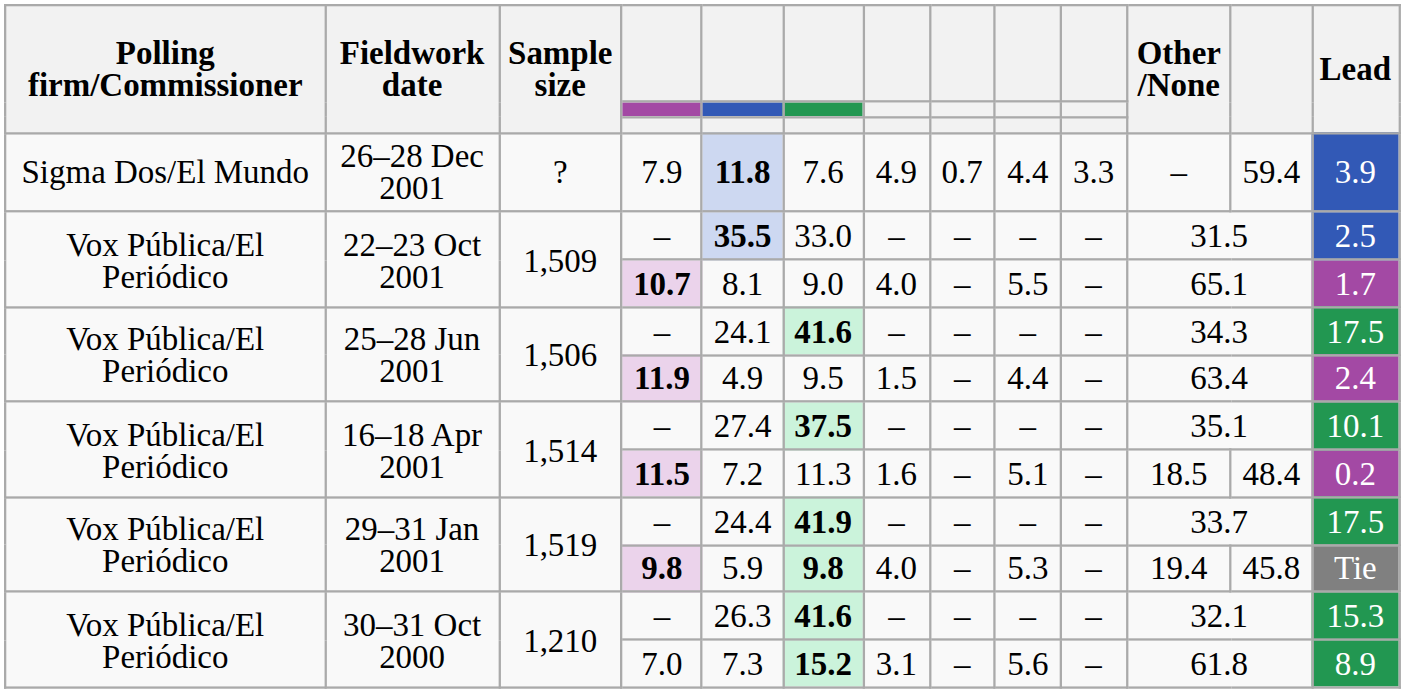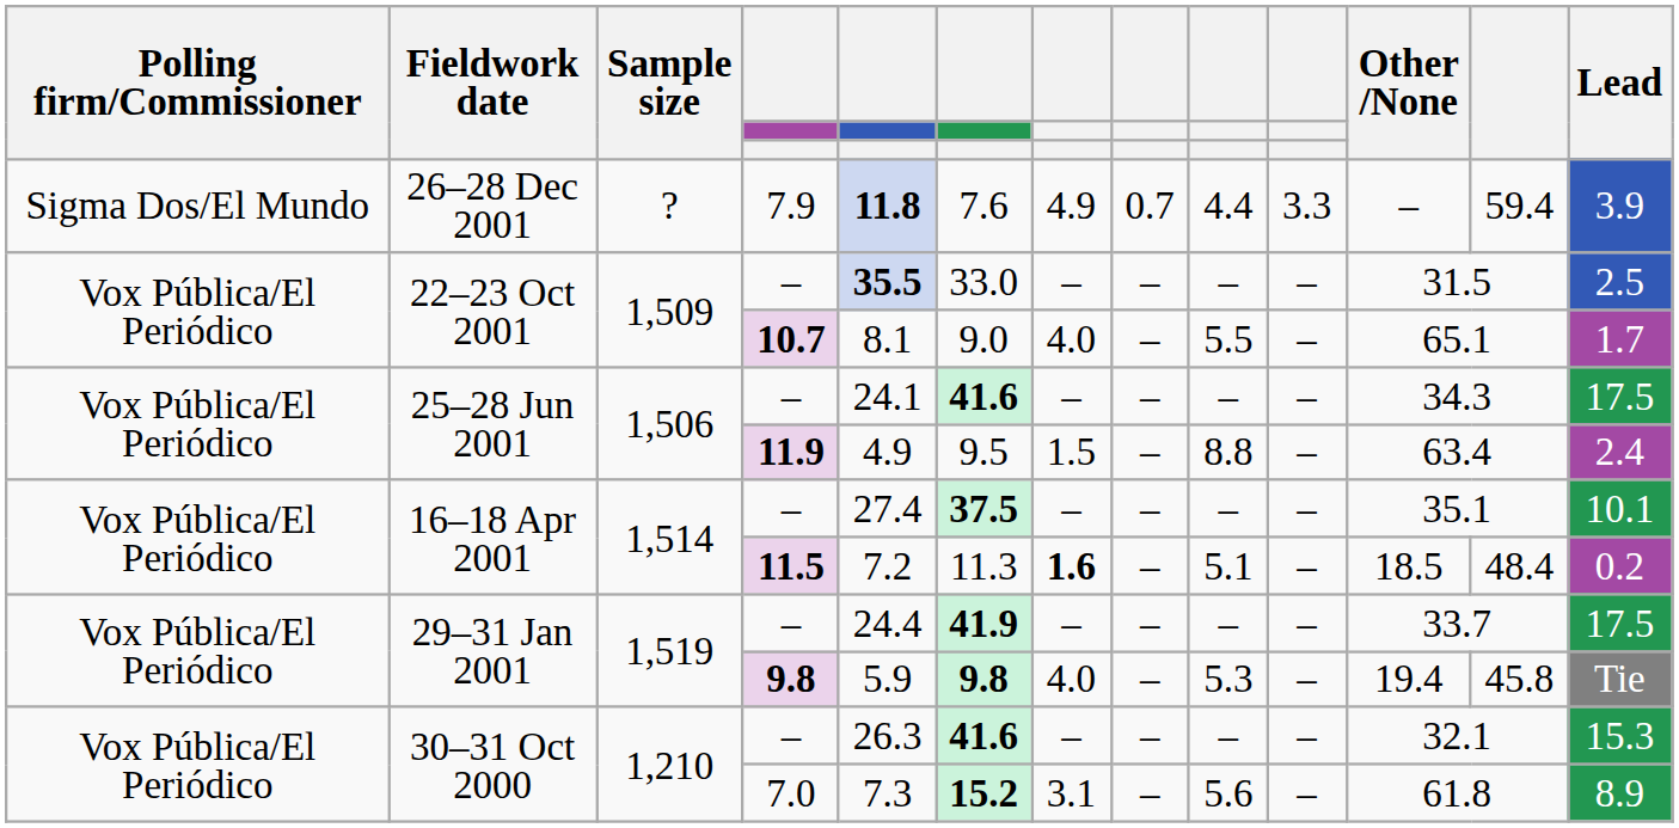 <table class="wikitable collapsible collapsed" style="text-align:center; font-size:90%; line-height:14px;">
 <tr style="height:42px;">
 <th style="width:260px;" rowspan="3">Polling firm/Commissioner</th>
 <th style="width:125px;" rowspan="3">Fieldwork date</th>
 <th style="width:60px;" rowspan="3">Sample size</th>
 <th style="width:60px;"></th>
 <th style="width:60px;"></th>
 <th style="width:60px;"></th>
 <th style="width:60px;"></th>
 <th style="width:60px;"></th>
 <th style="width:60px;"></th>
 <th style="width:60px;"></th>
 <th style="width:60px;" rowspan="3">Other<br>/None</th>
 <th style="width:60px;" rowspan="3"></th>
 <th style="width:30px;" rowspan="3">Lead</th>
 </tr>
 <tr>
 <th style="color:inherit;background:#A349A4;"></th>
 <th style="color:inherit;background:#3259B6;"></th>
 <th style="color:inherit;background:#229751;"></th>
 <th style="color:inherit;background:"></th>
 <th style="color:inherit;background:"></th>
 <th style="color:inherit;background:"></th>
 <th style="color:inherit;background:"></th>
 </tr>
 <tr>
 <th></th>
 <th></th>
 <th></th>
 <th></th>
 <th></th>
 <th></th>
 <th></th>
 </tr>
 <tr>
 <td>Sigma Dos/El Mundo</td>
 <td>26–28 Dec 2001</td>
 <td>?</td>
 <td>7.9</td>
 <td style="color:inherit;background:#CDD8F1;"><strong>11.8</strong></td>
 <td>7.6</td>
 <td>4.9</td>
 <td>0.7</td>
 <td>4.4</td>
 <td>3.3</td>
 <td>–</td>
 <td>59.4</td>
 <td style="color:inherit;background:#3259B6; color:white;">3.9</td>
 </tr>
 <tr>
 <td rowspan="2">Vox Pública/El Periódico</td>
 <td rowspan="2">22–23 Oct 2001</td>
 <td rowspan="2">1,509</td>
 <td>–</td>
 <td style="color:inherit;background:#CDD8F1;"><strong>35.5</strong></td>
 <td>33.0</td>
 <td>–</td>
 <td>–</td>
 <td>–</td>
 <td>–</td>
 <td colspan="2">31.5</td>
 <td style="color:inherit;background:#3259B6; color:white;">2.5</td>
 </tr>
 <tr>
 <td style="color:inherit;background:#EBD3EB;"><strong>10.7</strong></td>
 <td>8.1</td>
 <td>9.0</td>
 <td>4.0</td>
 <td>–</td>
 <td>5.5</td>
 <td>–</td>
 <td colspan="2">65.1</td>
 <td style="color:inherit;background:#A349A4; color:white;">1.7</td>
 </tr>
 <tr>
 <td rowspan="2">Vox Pública/El Periódico</td>
 <td rowspan="2">25–28 Jun 2001</td>
 <td rowspan="2">1,506</td>
 <td>–</td>
 <td>24.1</td>
 <td style="color:inherit;background:#CBF3DB;"><strong>41.6</strong></td>
 <td>–</td>
 <td>–</td>
 <td>–</td>
 <td>–</td>
 <td colspan="2">34.3</td>
 <td style="color:inherit;background:#229751; color:white;">17.5</td>
 </tr>
 <tr>
 <td style="color:inherit;background:#EBD3EB;"><strong>11.9</strong></td>
 <td>4.9</td>
 <td>9.5</td>
 <td>1.5</td>
 <td>–</td>
-<td>4.4</td>
+<td>8.8</td>
 <td>–</td>
 <td colspan="2">63.4</td>
 <td style="color:inherit;background:#A349A4; color:white;">2.4</td>
 </tr>
 <tr>
 <td rowspan="2">Vox Pública/El Periódico</td>
 <td rowspan="2">16–18 Apr 2001</td>
 <td rowspan="2">1,514</td>
 <td>–</td>
 <td>27.4</td>
 <td style="color:inherit;background:#CBF3DB;"><strong>37.5</strong></td>
 <td>–</td>
 <td>–</td>
 <td>–</td>
 <td>–</td>
 <td colspan="2">35.1</td>
 <td style="color:inherit;background:#229751; color:white;">10.1</td>
 </tr>
 <tr>
 <td style="color:inherit;background:#EBD3EB;"><strong>11.5</strong></td>
 <td>7.2</td>
 <td>11.3</td>
-<td>1.6</td>
+<td><strong>1.6</strong></td>
 <td>–</td>
 <td>5.1</td>
 <td>–</td>
 <td>18.5</td>
 <td>48.4</td>
 <td style="color:inherit;background:#A349A4; color:white;">0.2</td>
 </tr>
 <tr>
 <td rowspan="2">Vox Pública/El Periódico</td>
 <td rowspan="2">29–31 Jan 2001</td>
 <td rowspan="2">1,519</td>
 <td>–</td>
 <td>24.4</td>
 <td style="color:inherit;background:#CBF3DB;"><strong>41.9</strong></td>
 <td>–</td>
 <td>–</td>
 <td>–</td>
 <td>–</td>
 <td colspan="2">33.7</td>
 <td style="color:inherit;background:#229751; color:white;">17.5</td>
 </tr>
 <tr>
 <td style="color:inherit;background:#EBD3EB;"><strong>9.8</strong></td>
 <td>5.9</td>
 <td style="color:inherit;background:#CBF3DB;"><strong>9.8</strong></td>
 <td>4.0</td>
 <td>–</td>
 <td>5.3</td>
 <td>–</td>
 <td>19.4</td>
 <td>45.8</td>
 <td style="color:inherit;background:gray; color:white;">Tie</td>
 </tr>
 <tr>
 <td rowspan="2">Vox Pública/El Periódico</td>
 <td rowspan="2">30–31 Oct 2000</td>
 <td rowspan="2">1,210</td>
 <td>–</td>
 <td>26.3</td>
 <td style="color:inherit;background:#CBF3DB;"><strong>41.6</strong></td>
 <td>–</td>
 <td>–</td>
 <td>–</td>
 <td>–</td>
 <td colspan="2">32.1</td>
 <td style="color:inherit;background:#229751; color:white;">15.3</td>
 </tr>
 <tr>
 <td>7.0</td>
 <td>7.3</td>
 <td style="color:inherit;background:#CBF3DB;"><strong>15.2</strong></td>
 <td>3.1</td>
 <td>–</td>
 <td>5.6</td>
 <td>–</td>
 <td colspan="2">61.8</td>
 <td style="color:inherit;background:#229751; color:white;">8.9</td>
 </tr>
 </table>
